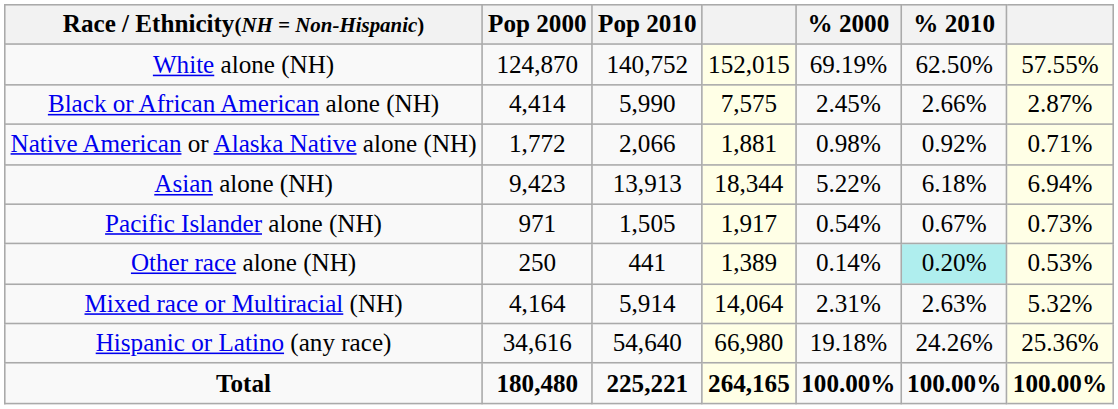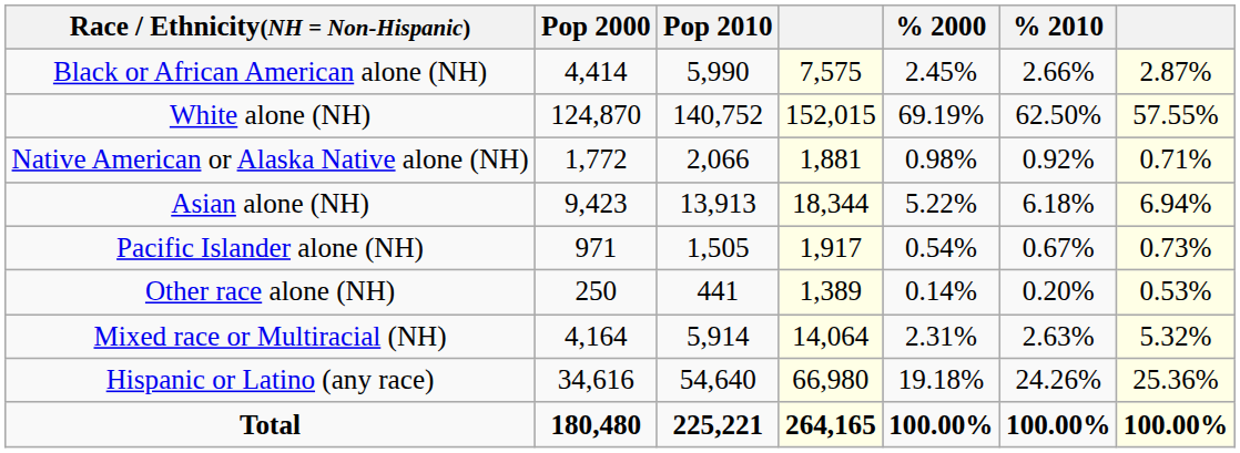 <table class="wikitable" style="text-align:center;">
 <tr>
 <th>Race / Ethnicity<small>(<em>NH = Non-Hispanic</em>)</small></th>
 <th>Pop 2000</th>
 <th>Pop 2010</th>
 <th></th>
 <th>% 2000</th>
 <th>% 2010</th>
 <th></th>
 </tr>
 <tr>
+<td><a href='#'>Black or African American</a> alone (NH)</td>
+<td>4,414</td>
+<td>5,990</td>
+<td style='background: #ffffe6;'>7,575</td>
+<td>2.45%</td>
+<td>2.66%</td>
+<td style='background: #ffffe6;'>2.87%</td>
+</tr>
+<tr>
 <td><a href='#'>White</a> alone (NH)</td>
 <td>124,870</td>
 <td>140,752</td>
 <td style='background: #ffffe6;'>152,015</td>
 <td>69.19%</td>
 <td>62.50%</td>
 <td style='background: #ffffe6;'>57.55%</td>
-</tr>
-<tr>
-<td><a href='#'>Black or African American</a> alone (NH)</td>
-<td>4,414</td>
-<td>5,990</td>
-<td style='background: #ffffe6;'>7,575</td>
-<td>2.45%</td>
-<td>2.66%</td>
-<td style='background: #ffffe6;'>2.87%</td>
 </tr>
 <tr>
 <td><a href='#'>Native American</a> or <a href='#'>Alaska Native</a> alone (NH)</td>
 <td>1,772</td>
 <td>2,066</td>
 <td style='background: #ffffe6;'>1,881</td>
 <td>0.98%</td>
 <td>0.92%</td>
 <td style='background: #ffffe6;'>0.71%</td>
 </tr>
 <tr>
 <td><a href='#'>Asian</a> alone (NH)</td>
 <td>9,423</td>
 <td>13,913</td>
 <td style='background: #ffffe6;'>18,344</td>
 <td>5.22%</td>
 <td>6.18%</td>
 <td style='background: #ffffe6;'>6.94%</td>
 </tr>
 <tr>
 <td><a href='#'>Pacific Islander</a> alone (NH)</td>
 <td>971</td>
 <td>1,505</td>
 <td style='background: #ffffe6;'>1,917</td>
 <td>0.54%</td>
 <td>0.67%</td>
 <td style='background: #ffffe6;'>0.73%</td>
 </tr>
 <tr>
 <td><a href='#'>Other race</a> alone (NH)</td>
 <td>250</td>
 <td>441</td>
 <td style='background: #ffffe6;'>1,389</td>
 <td>0.14%</td>
-<td style="background: paleturquoise;">0.20%</td>
+<td>0.20%</td>
 <td style='background: #ffffe6;'>0.53%</td>
 </tr>
 <tr>
 <td><a href='#'>Mixed race or Multiracial</a> (NH)</td>
 <td>4,164</td>
 <td>5,914</td>
 <td style='background: #ffffe6;'>14,064</td>
 <td>2.31%</td>
 <td>2.63%</td>
 <td style='background: #ffffe6;'>5.32%</td>
 </tr>
 <tr>
 <td><a href='#'>Hispanic or Latino</a> (any race)</td>
 <td>34,616</td>
 <td>54,640</td>
 <td style='background: #ffffe6;'>66,980</td>
 <td>19.18%</td>
 <td>24.26%</td>
 <td style='background: #ffffe6;'>25.36%</td>
 </tr>
 <tr>
 <td><strong>Total</strong></td>
 <td><strong>180,480</strong></td>
 <td><strong>225,221</strong></td>
 <td style='background: #ffffe6;'><strong>264,165</strong></td>
 <td><strong>100.00%</strong></td>
 <td><strong>100.00%</strong></td>
 <td style='background: #ffffe6;'><strong>100.00%</strong></td>
 </tr>
 </table>
